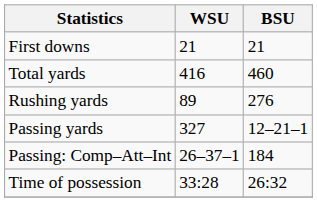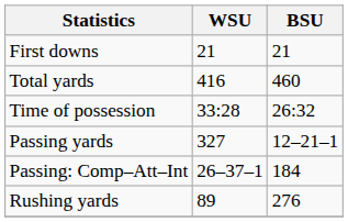 <table class="wikitable" style="float: left;">
 <tr>
 <th>Statistics</th>
 <th>WSU</th>
 <th>BSU</th>
 </tr>
 <tr>
 <td>First downs</td>
 <td>21</td>
 <td>21</td>
 </tr>
 <tr>
 <td>Total yards</td>
 <td>416</td>
 <td>460</td>
 </tr>
 <tr>
-<td>Rushing yards</td>
-<td>89</td>
-<td>276</td>
+<td>Time of possession</td>
+<td>33:28</td>
+<td>26:32</td>
 </tr>
 <tr>
 <td>Passing yards</td>
 <td>327</td>
 <td>12–21–1</td>
 </tr>
 <tr>
 <td>Passing: Comp–Att–Int</td>
 <td>26–37–1</td>
 <td>184</td>
 </tr>
 <tr>
-<td>Time of possession</td>
-<td>33:28</td>
-<td>26:32</td>
+<td>Rushing yards</td>
+<td>89</td>
+<td>276</td>
 </tr>
 <tr>
 </tr>
 </table>
